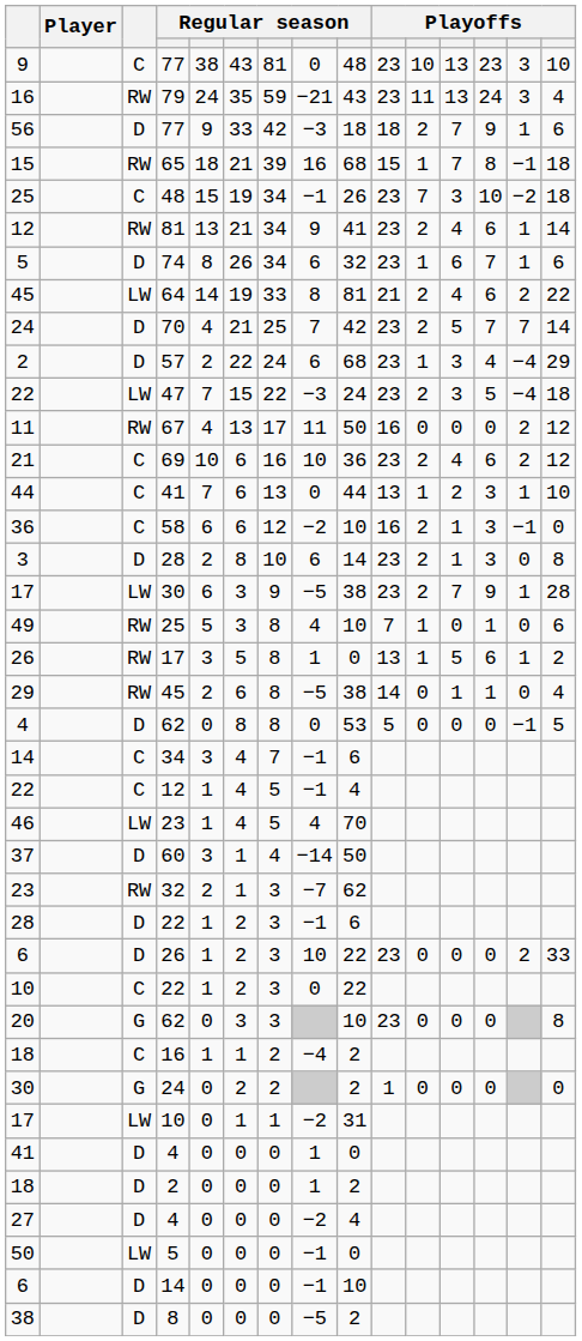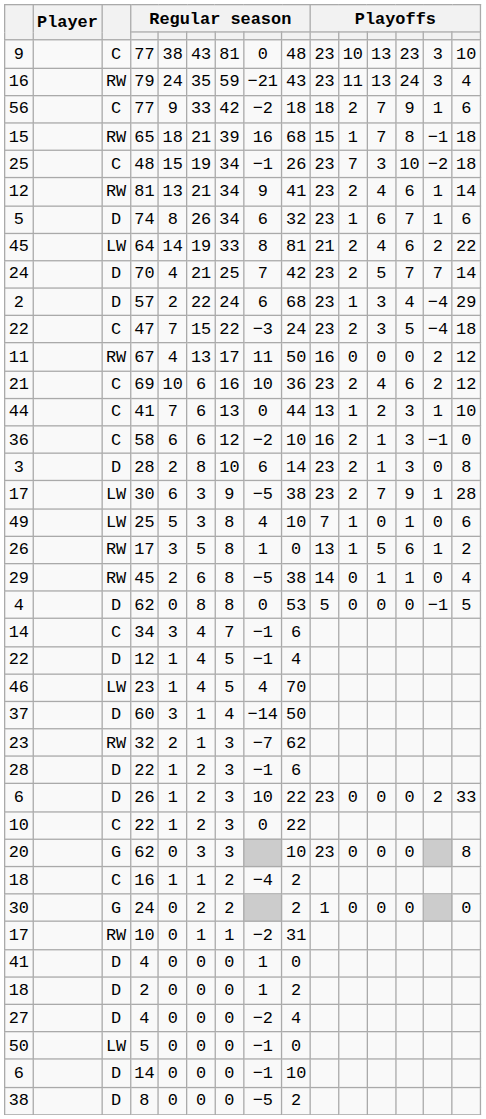 <table class="wikitable sortable plainrowheaders" style="text-align:center;">
 <tr>
 <th scope="col" data-sort-type="number" rowspan="2"></th>
 <th scope="col" rowspan="2">Player</th>
 <th scope="col" rowspan="2"></th>
 <th scope=colgroup colspan=6>Regular season</th>
 <th scope=colgroup colspan=6>Playoffs</th>
 </tr>
 <tr>
 <th scope="col" data-sort-type="number"></th>
 <th scope="col" data-sort-type="number"></th>
 <th scope="col" data-sort-type="number"></th>
 <th scope="col" data-sort-type="number"></th>
 <th scope="col" data-sort-type="number"></th>
 <th scope="col" data-sort-type="number"></th>
 <th scope="col" data-sort-type="number"></th>
 <th scope="col" data-sort-type="number"></th>
 <th scope="col" data-sort-type="number"></th>
 <th scope="col" data-sort-type="number"></th>
 <th scope="col" data-sort-type="number"></th>
 <th scope="col" data-sort-type="number"></th>
 </tr>
 <tr>
 <td scope="row">9</td>
 <td align="left"></td>
 <td>C</td>
 <td>77</td>
 <td>38</td>
 <td>43</td>
 <td>81</td>
 <td>0</td>
 <td>48</td>
 <td>23</td>
 <td>10</td>
 <td>13</td>
 <td>23</td>
 <td>3</td>
 <td>10</td>
 </tr>
 <tr>
 <td scope="row">16</td>
 <td align="left"></td>
 <td>RW</td>
 <td>79</td>
 <td>24</td>
 <td>35</td>
 <td>59</td>
 <td>−21</td>
 <td>43</td>
 <td>23</td>
 <td>11</td>
 <td>13</td>
 <td>24</td>
 <td>3</td>
 <td>4</td>
 </tr>
 <tr>
 <td scope="row">56</td>
 <td align="left"></td>
-<td>D</td>
+<td>C</td>
 <td>77</td>
 <td>9</td>
 <td>33</td>
 <td>42</td>
-<td>−3</td>
+<td>−2</td>
 <td>18</td>
 <td>18</td>
 <td>2</td>
 <td>7</td>
 <td>9</td>
 <td>1</td>
 <td>6</td>
 </tr>
 <tr>
 <td scope="row">15</td>
 <td align="left"></td>
 <td>RW</td>
 <td>65</td>
 <td>18</td>
 <td>21</td>
 <td>39</td>
 <td>16</td>
 <td>68</td>
 <td>15</td>
 <td>1</td>
 <td>7</td>
 <td>8</td>
 <td>−1</td>
 <td>18</td>
 </tr>
 <tr>
 <td scope="row">25</td>
 <td align="left"></td>
 <td>C</td>
 <td>48</td>
 <td>15</td>
 <td>19</td>
 <td>34</td>
 <td>−1</td>
 <td>26</td>
 <td>23</td>
 <td>7</td>
 <td>3</td>
 <td>10</td>
 <td>−2</td>
 <td>18</td>
 </tr>
 <tr>
 <td scope="row">12</td>
 <td align="left"></td>
 <td>RW</td>
 <td>81</td>
 <td>13</td>
 <td>21</td>
 <td>34</td>
 <td>9</td>
 <td>41</td>
 <td>23</td>
 <td>2</td>
 <td>4</td>
 <td>6</td>
 <td>1</td>
 <td>14</td>
 </tr>
 <tr>
 <td scope="row">5</td>
 <td align="left"></td>
 <td>D</td>
 <td>74</td>
 <td>8</td>
 <td>26</td>
 <td>34</td>
 <td>6</td>
 <td>32</td>
 <td>23</td>
 <td>1</td>
 <td>6</td>
 <td>7</td>
 <td>1</td>
 <td>6</td>
 </tr>
 <tr>
 <td scope="row">45</td>
 <td align="left"></td>
 <td>LW</td>
 <td>64</td>
 <td>14</td>
 <td>19</td>
 <td>33</td>
 <td>8</td>
 <td>81</td>
 <td>21</td>
 <td>2</td>
 <td>4</td>
 <td>6</td>
 <td>2</td>
 <td>22</td>
 </tr>
 <tr>
 <td scope="row">24</td>
 <td align="left"></td>
 <td>D</td>
 <td>70</td>
 <td>4</td>
 <td>21</td>
 <td>25</td>
 <td>7</td>
 <td>42</td>
 <td>23</td>
 <td>2</td>
 <td>5</td>
 <td>7</td>
 <td>7</td>
 <td>14</td>
 </tr>
 <tr>
 <td scope="row">2</td>
 <td align="left"></td>
 <td>D</td>
 <td>57</td>
 <td>2</td>
 <td>22</td>
 <td>24</td>
 <td>6</td>
 <td>68</td>
 <td>23</td>
 <td>1</td>
 <td>3</td>
 <td>4</td>
 <td>−4</td>
 <td>29</td>
 </tr>
 <tr>
 <td scope="row">22</td>
 <td align="left"></td>
-<td>LW</td>
+<td>C</td>
 <td>47</td>
 <td>7</td>
 <td>15</td>
 <td>22</td>
 <td>−3</td>
 <td>24</td>
 <td>23</td>
 <td>2</td>
 <td>3</td>
 <td>5</td>
 <td>−4</td>
 <td>18</td>
 </tr>
 <tr>
 <td scope="row">11</td>
 <td align="left"></td>
 <td>RW</td>
 <td>67</td>
 <td>4</td>
 <td>13</td>
 <td>17</td>
 <td>11</td>
 <td>50</td>
 <td>16</td>
 <td>0</td>
 <td>0</td>
 <td>0</td>
 <td>2</td>
 <td>12</td>
 </tr>
 <tr>
 <td scope="row">21</td>
 <td align="left"></td>
 <td>C</td>
 <td>69</td>
 <td>10</td>
 <td>6</td>
 <td>16</td>
 <td>10</td>
 <td>36</td>
 <td>23</td>
 <td>2</td>
 <td>4</td>
 <td>6</td>
 <td>2</td>
 <td>12</td>
 </tr>
 <tr>
 <td scope="row">44</td>
 <td align="left"></td>
 <td>C</td>
 <td>41</td>
 <td>7</td>
 <td>6</td>
 <td>13</td>
 <td>0</td>
 <td>44</td>
 <td>13</td>
 <td>1</td>
 <td>2</td>
 <td>3</td>
 <td>1</td>
 <td>10</td>
 </tr>
 <tr>
 <td scope="row">36</td>
 <td align="left"></td>
 <td>C</td>
 <td>58</td>
 <td>6</td>
 <td>6</td>
 <td>12</td>
 <td>−2</td>
 <td>10</td>
 <td>16</td>
 <td>2</td>
 <td>1</td>
 <td>3</td>
 <td>−1</td>
 <td>0</td>
 </tr>
 <tr>
 <td scope="row">3</td>
 <td align="left"></td>
 <td>D</td>
 <td>28</td>
 <td>2</td>
 <td>8</td>
 <td>10</td>
 <td>6</td>
 <td>14</td>
 <td>23</td>
 <td>2</td>
 <td>1</td>
 <td>3</td>
 <td>0</td>
 <td>8</td>
 </tr>
 <tr>
 <td scope="row">17</td>
 <td align="left"></td>
 <td>LW</td>
 <td>30</td>
 <td>6</td>
 <td>3</td>
 <td>9</td>
 <td>−5</td>
 <td>38</td>
 <td>23</td>
 <td>2</td>
 <td>7</td>
 <td>9</td>
 <td>1</td>
 <td>28</td>
 </tr>
 <tr>
 <td scope="row">49</td>
 <td align="left"></td>
-<td>RW</td>
+<td>LW</td>
 <td>25</td>
 <td>5</td>
 <td>3</td>
 <td>8</td>
 <td>4</td>
 <td>10</td>
 <td>7</td>
 <td>1</td>
 <td>0</td>
 <td>1</td>
 <td>0</td>
 <td>6</td>
 </tr>
 <tr>
 <td scope="row">26</td>
 <td align="left"></td>
 <td>RW</td>
 <td>17</td>
 <td>3</td>
 <td>5</td>
 <td>8</td>
 <td>1</td>
 <td>0</td>
 <td>13</td>
 <td>1</td>
 <td>5</td>
 <td>6</td>
 <td>1</td>
 <td>2</td>
 </tr>
 <tr>
 <td scope="row">29</td>
 <td align="left"></td>
 <td>RW</td>
 <td>45</td>
 <td>2</td>
 <td>6</td>
 <td>8</td>
 <td>−5</td>
 <td>38</td>
 <td>14</td>
 <td>0</td>
 <td>1</td>
 <td>1</td>
 <td>0</td>
 <td>4</td>
 </tr>
 <tr>
 <td scope="row">4</td>
 <td align="left"></td>
 <td>D</td>
 <td>62</td>
 <td>0</td>
 <td>8</td>
 <td>8</td>
 <td>0</td>
 <td>53</td>
 <td>5</td>
 <td>0</td>
 <td>0</td>
 <td>0</td>
 <td>−1</td>
 <td>5</td>
 </tr>
 <tr>
 <td scope="row">14</td>
 <td align="left"></td>
 <td>C</td>
 <td>34</td>
 <td>3</td>
 <td>4</td>
 <td>7</td>
 <td>−1</td>
 <td>6</td>
 <td></td>
 <td></td>
 <td></td>
 <td></td>
 <td></td>
 <td></td>
 </tr>
 <tr>
 <td scope="row">22</td>
 <td align="left"></td>
-<td>C</td>
+<td>D</td>
 <td>12</td>
 <td>1</td>
 <td>4</td>
 <td>5</td>
 <td>−1</td>
 <td>4</td>
 <td></td>
 <td></td>
 <td></td>
 <td></td>
 <td></td>
 <td></td>
 </tr>
 <tr>
 <td scope="row">46</td>
 <td align="left"></td>
 <td>LW</td>
 <td>23</td>
 <td>1</td>
 <td>4</td>
 <td>5</td>
 <td>4</td>
 <td>70</td>
 <td></td>
 <td></td>
 <td></td>
 <td></td>
 <td></td>
 <td></td>
 </tr>
 <tr>
 <td scope="row">37</td>
 <td align="left"></td>
 <td>D</td>
 <td>60</td>
 <td>3</td>
 <td>1</td>
 <td>4</td>
 <td>−14</td>
 <td>50</td>
 <td></td>
 <td></td>
 <td></td>
 <td></td>
 <td></td>
 <td></td>
 </tr>
 <tr>
 <td scope="row">23</td>
 <td align="left"></td>
 <td>RW</td>
 <td>32</td>
 <td>2</td>
 <td>1</td>
 <td>3</td>
 <td>−7</td>
 <td>62</td>
 <td></td>
 <td></td>
 <td></td>
 <td></td>
 <td></td>
 <td></td>
 </tr>
 <tr>
 <td scope="row">28</td>
 <td align="left"></td>
 <td>D</td>
 <td>22</td>
 <td>1</td>
 <td>2</td>
 <td>3</td>
 <td>−1</td>
 <td>6</td>
 <td></td>
 <td></td>
 <td></td>
 <td></td>
 <td></td>
 <td></td>
 </tr>
 <tr>
 <td scope="row">6</td>
 <td align="left"></td>
 <td>D</td>
 <td>26</td>
 <td>1</td>
 <td>2</td>
 <td>3</td>
 <td>10</td>
 <td>22</td>
 <td>23</td>
 <td>0</td>
 <td>0</td>
 <td>0</td>
 <td>2</td>
 <td>33</td>
 </tr>
 <tr>
 <td scope="row">10</td>
 <td align="left"></td>
 <td>C</td>
 <td>22</td>
 <td>1</td>
 <td>2</td>
 <td>3</td>
 <td>0</td>
 <td>22</td>
 <td></td>
 <td></td>
 <td></td>
 <td></td>
 <td></td>
 <td></td>
 </tr>
 <tr>
 <td scope="row">20</td>
 <td align="left"></td>
 <td>G</td>
 <td>62</td>
 <td>0</td>
 <td>3</td>
 <td>3</td>
 <td style="background:#ccc"></td>
 <td>10</td>
 <td>23</td>
 <td>0</td>
 <td>0</td>
 <td>0</td>
 <td style="background:#ccc"></td>
 <td>8</td>
 </tr>
 <tr>
 <td scope="row">18</td>
 <td align="left"></td>
 <td>C</td>
 <td>16</td>
 <td>1</td>
 <td>1</td>
 <td>2</td>
 <td>−4</td>
 <td>2</td>
 <td></td>
 <td></td>
 <td></td>
 <td></td>
 <td></td>
 <td></td>
 </tr>
 <tr>
 <td scope="row">30</td>
 <td align="left"></td>
 <td>G</td>
 <td>24</td>
 <td>0</td>
 <td>2</td>
 <td>2</td>
 <td style="background:#ccc"></td>
 <td>2</td>
 <td>1</td>
 <td>0</td>
 <td>0</td>
 <td>0</td>
 <td style="background:#ccc"></td>
 <td>0</td>
 </tr>
 <tr>
 <td scope="row">17</td>
 <td align="left"></td>
-<td>LW</td>
+<td>RW</td>
 <td>10</td>
 <td>0</td>
 <td>1</td>
 <td>1</td>
 <td>−2</td>
 <td>31</td>
 <td></td>
 <td></td>
 <td></td>
 <td></td>
 <td></td>
 <td></td>
 </tr>
 <tr>
 <td scope="row">41</td>
 <td align="left"></td>
 <td>D</td>
 <td>4</td>
 <td>0</td>
 <td>0</td>
 <td>0</td>
 <td>1</td>
 <td>0</td>
 <td></td>
 <td></td>
 <td></td>
 <td></td>
 <td></td>
 <td></td>
 </tr>
 <tr>
 <td scope="row">18</td>
 <td align="left"></td>
 <td>D</td>
 <td>2</td>
 <td>0</td>
 <td>0</td>
 <td>0</td>
 <td>1</td>
 <td>2</td>
 <td></td>
 <td></td>
 <td></td>
 <td></td>
 <td></td>
 <td></td>
 </tr>
 <tr>
 <td scope="row">27</td>
 <td align="left"></td>
 <td>D</td>
 <td>4</td>
 <td>0</td>
 <td>0</td>
 <td>0</td>
 <td>−2</td>
 <td>4</td>
 <td></td>
 <td></td>
 <td></td>
 <td></td>
 <td></td>
 <td></td>
 </tr>
 <tr>
 <td scope="row">50</td>
 <td align="left"></td>
 <td>LW</td>
 <td>5</td>
 <td>0</td>
 <td>0</td>
 <td>0</td>
 <td>−1</td>
 <td>0</td>
 <td></td>
 <td></td>
 <td></td>
 <td></td>
 <td></td>
 <td></td>
 </tr>
 <tr>
 <td scope="row">6</td>
 <td align="left"></td>
 <td>D</td>
 <td>14</td>
 <td>0</td>
 <td>0</td>
 <td>0</td>
 <td>−1</td>
 <td>10</td>
 <td></td>
 <td></td>
 <td></td>
 <td></td>
 <td></td>
 <td></td>
 </tr>
 <tr>
 <td scope="row">38</td>
 <td align="left"></td>
 <td>D</td>
 <td>8</td>
 <td>0</td>
 <td>0</td>
 <td>0</td>
 <td>−5</td>
 <td>2</td>
 <td></td>
 <td></td>
 <td></td>
 <td></td>
 <td></td>
 <td></td>
 </tr>
 </table>
